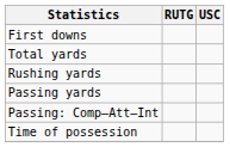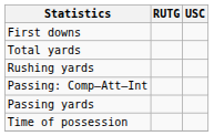 <table class="wikitable" style="float: left;">
 <tr>
 <th>Statistics</th>
 <th>RUTG</th>
 <th>USC</th>
 </tr>
 <tr>
 <td>First downs</td>
 <td></td>
 <td></td>
 </tr>
 <tr>
 <td>Total yards</td>
 <td></td>
 <td></td>
 </tr>
 <tr>
 <td>Rushing yards</td>
 <td></td>
 <td></td>
 </tr>
 <tr>
-<td>Passing yards</td>
+<td>Passing: Comp–Att–Int</td>
 <td></td>
 <td></td>
 </tr>
 <tr>
-<td>Passing: Comp–Att–Int</td>
+<td>Passing yards</td>
 <td></td>
 <td></td>
 </tr>
 <tr>
 <td>Time of possession</td>
 <td></td>
 <td></td>
 </tr>
 <tr>
 </tr>
 </table>
